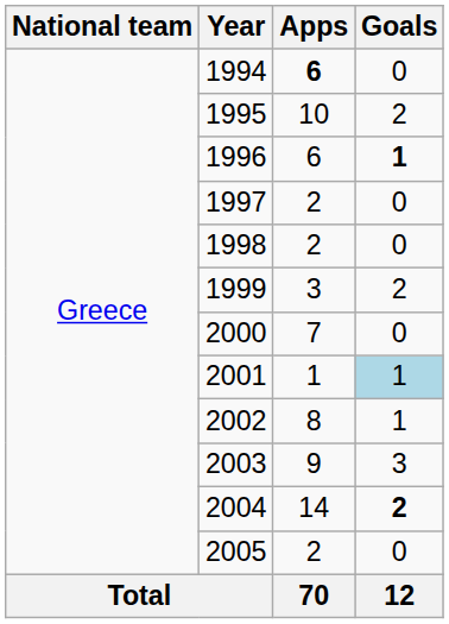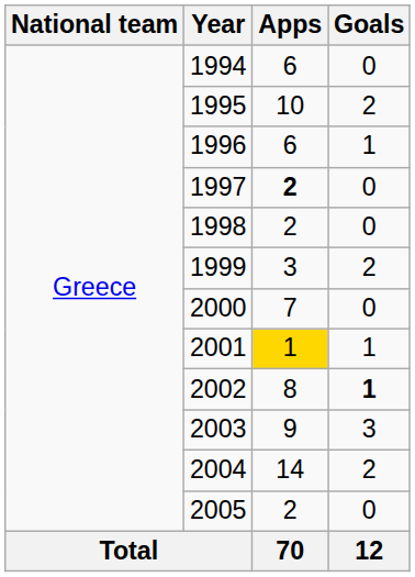 <table class="wikitable" style="text-align:center">
 <tr>
 <th>National team</th>
 <th>Year</th>
 <th>Apps</th>
 <th>Goals</th>
 </tr>
 <tr>
 <td rowspan="12"><a href='#'>Greece</a></td>
 <td>1994</td>
-<td><strong>6</strong></td>
+<td>6</td>
 <td>0</td>
 </tr>
 <tr>
 <td>1995</td>
 <td>10</td>
 <td>2</td>
 </tr>
 <tr>
 <td>1996</td>
 <td>6</td>
-<td><strong>1</strong></td>
+<td>1</td>
 </tr>
 <tr>
 <td>1997</td>
-<td>2</td>
+<td><strong>2</strong></td>
 <td>0</td>
 </tr>
 <tr>
 <td>1998</td>
 <td>2</td>
 <td>0</td>
 </tr>
 <tr>
 <td>1999</td>
 <td>3</td>
 <td>2</td>
 </tr>
 <tr>
 <td>2000</td>
 <td>7</td>
 <td>0</td>
 </tr>
 <tr>
 <td>2001</td>
+<td style="background: gold;">1</td>
 <td>1</td>
-<td style="background: lightblue;">1</td>
 </tr>
 <tr>
 <td>2002</td>
 <td>8</td>
-<td>1</td>
+<td><strong>1</strong></td>
 </tr>
 <tr>
 <td>2003</td>
 <td>9</td>
 <td>3</td>
 </tr>
 <tr>
 <td>2004</td>
 <td>14</td>
-<td><strong>2</strong></td>
+<td>2</td>
 </tr>
 <tr>
 <td>2005</td>
 <td>2</td>
 <td>0</td>
 </tr>
 <tr>
 <th colspan="2">Total</th>
 <th>70</th>
 <th>12</th>
 </tr>
 </table>
